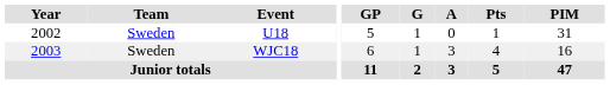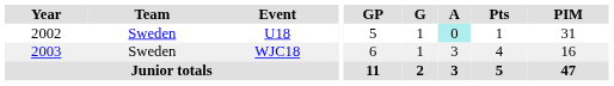 <table border="0" cellpadding="1" cellspacing="0" ID="Table3" style="text-align:center; width:40em">
 <tr ALIGN="center" bgcolor="#e0e0e0">
 <th>Year</th>
 <th>Team</th>
 <th>Event</th>
 <th rowspan="99" bgcolor="#ffffff"></th>
 <th>GP</th>
 <th>G</th>
 <th>A</th>
 <th>Pts</th>
 <th>PIM</th>
 </tr>
 <tr>
 <td>2002</td>
 <td><a href='#'>Sweden</a></td>
 <td><a href='#'>U18</a></td>
 <td>5</td>
 <td>1</td>
-<td>0</td>
+<td style="background: paleturquoise;">0</td>
 <td>1</td>
 <td>31</td>
 </tr>
 <tr bgcolor="#f0f0f0">
 <td><a href='#'>2003</a></td>
 <td>Sweden</td>
 <td><a href='#'>WJC18</a></td>
 <td>6</td>
 <td>1</td>
 <td>3</td>
 <td>4</td>
 <td>16</td>
 </tr>
 <tr bgcolor="#e0e0e0">
 <th colspan="3">Junior totals</th>
 <th>11</th>
 <th>2</th>
 <th>3</th>
 <th>5</th>
 <th>47</th>
 </tr>
 </table>
